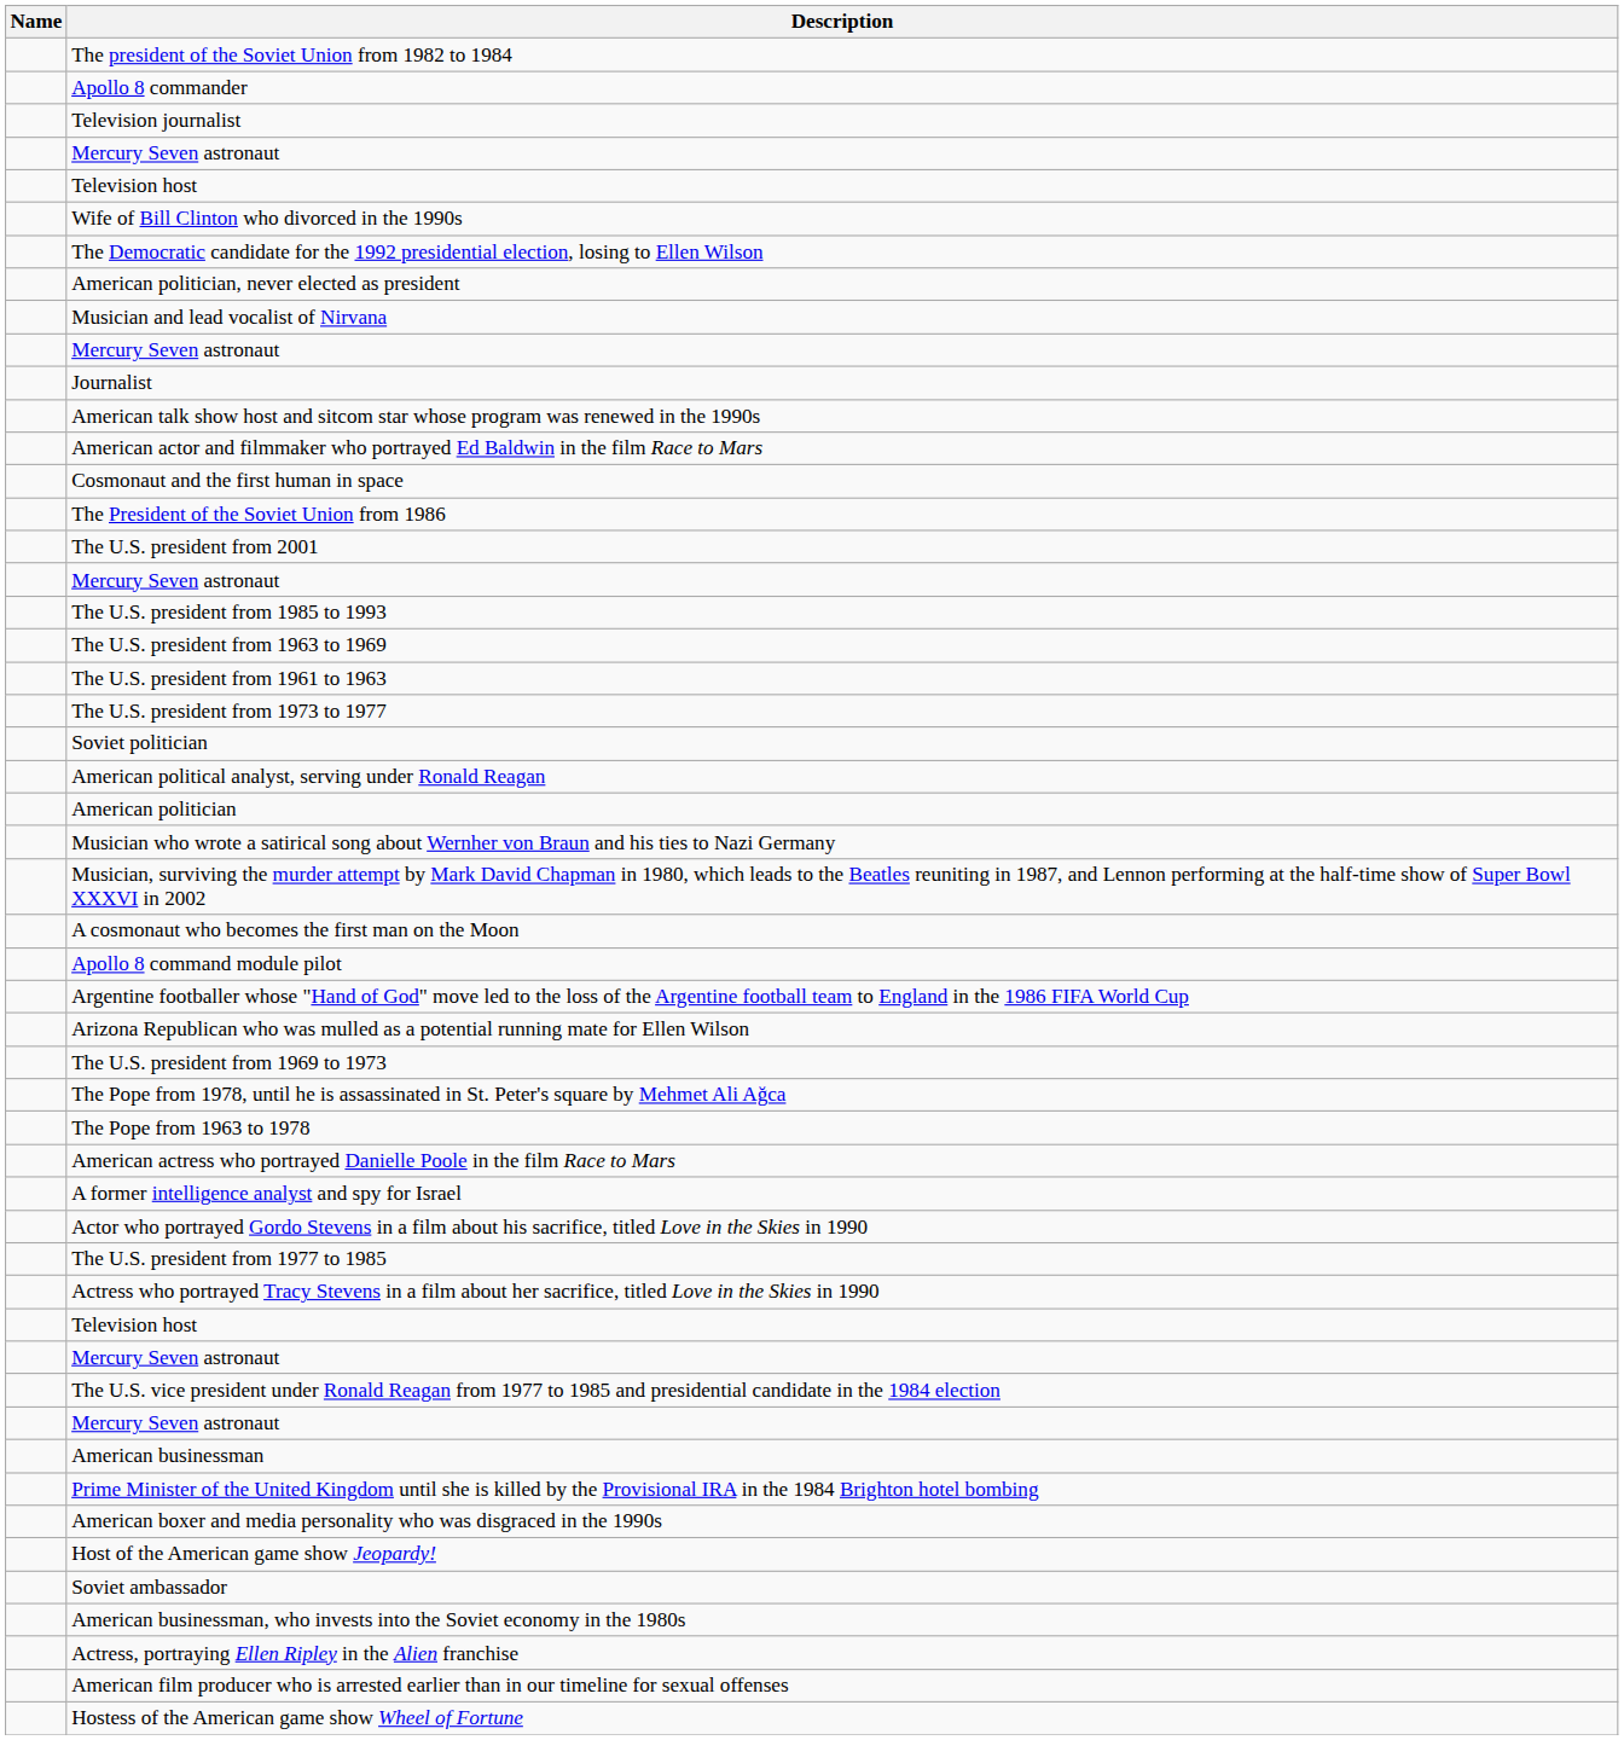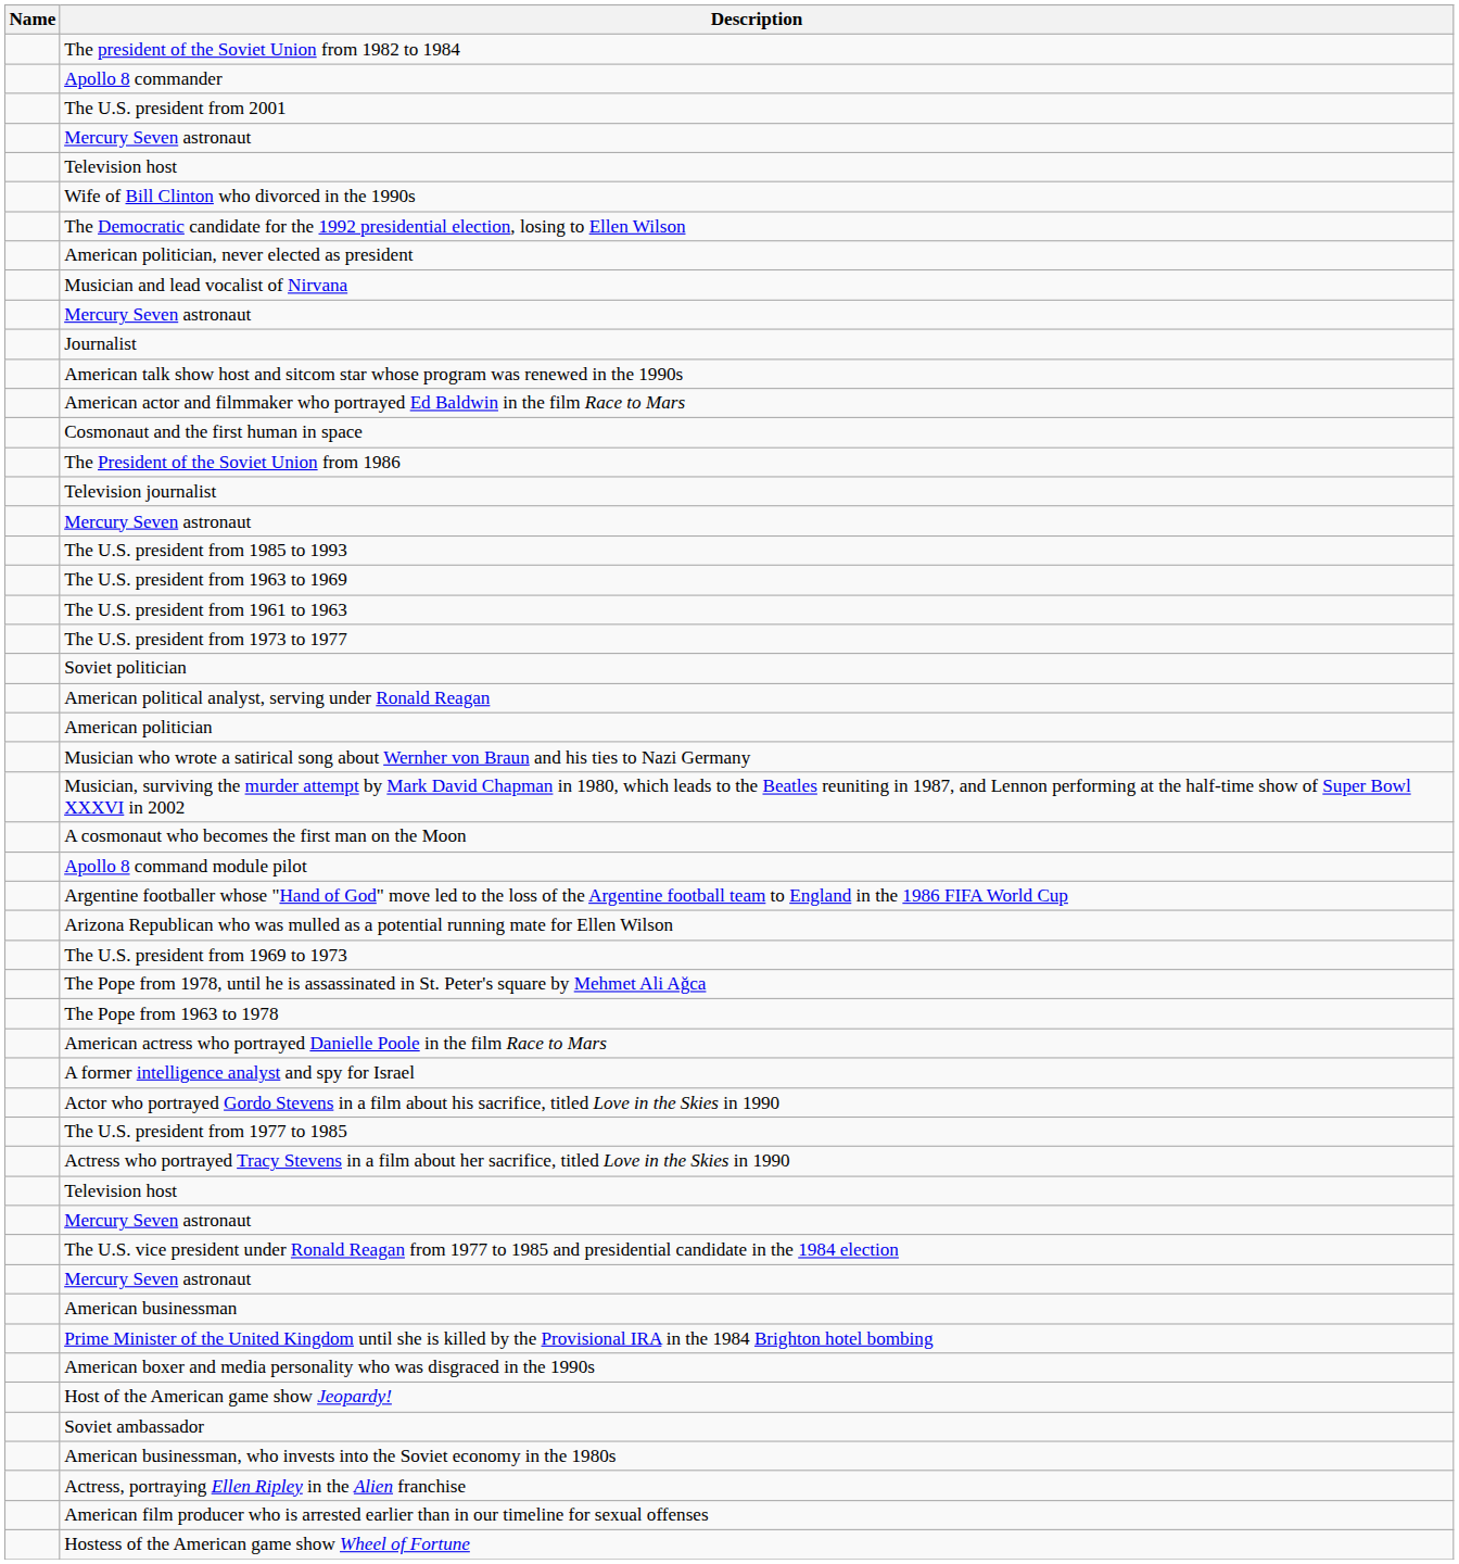 <table class="sortable wikitable collapsible">
 <tr>
 <th style="width:auto;">Name</th>
 <th style="width:auto;">Description</th>
 </tr>
 <tr>
 <td scope=row></td>
 <td>The <a href='#'>president of the Soviet Union</a> from 1982 to 1984</td>
 </tr>
 <tr>
 <td scope=row></td>
 <td><a href='#'>Apollo 8</a> commander</td>
 </tr>
 <tr>
 <td scope=row></td>
-<td>Television journalist</td>
+<td>The U.S. president from 2001</td>
 </tr>
 <tr>
 <td scope=row></td>
 <td><a href='#'>Mercury Seven</a> astronaut</td>
 </tr>
 <tr>
 <td scope=row></td>
 <td>Television host</td>
 </tr>
 <tr>
 <td scope=row></td>
 <td>Wife of <a href='#'>Bill Clinton</a> who divorced in the 1990s</td>
 </tr>
 <tr>
 <td scope=row></td>
 <td>The <a href='#'>Democratic</a> candidate for the <a href='#'>1992 presidential election</a>, losing to <a href='#'>Ellen Wilson</a></td>
 </tr>
 <tr>
 <td scope=row></td>
 <td>American politician, never elected as president</td>
 </tr>
 <tr>
 <td scope=row></td>
 <td>Musician and lead vocalist of <a href='#'>Nirvana</a></td>
 </tr>
 <tr>
 <td scope=row></td>
 <td><a href='#'>Mercury Seven</a> astronaut</td>
 </tr>
 <tr>
 <td scope=row></td>
 <td>Journalist</td>
 </tr>
 <tr>
 <td scope=row></td>
 <td>American talk show host and sitcom star whose program was renewed in the 1990s</td>
 </tr>
 <tr>
 <td scope=row></td>
 <td>American actor and filmmaker who portrayed <a href='#'>Ed Baldwin</a> in the film <em>Race to Mars</em></td>
 </tr>
 <tr>
 <td scope=row></td>
 <td>Cosmonaut and the first human in space</td>
 </tr>
 <tr>
 <td scope=row></td>
 <td>The <a href='#'>President of the Soviet Union</a> from 1986</td>
 </tr>
 <tr>
 <td scope=row></td>
-<td>The U.S. president from 2001</td>
+<td>Television journalist</td>
 </tr>
 <tr>
 <td scope=row></td>
 <td><a href='#'>Mercury Seven</a> astronaut</td>
 </tr>
 <tr>
 <td scope=row></td>
 <td>The U.S. president from 1985 to 1993</td>
 </tr>
 <tr>
 <td scope=row></td>
 <td>The U.S. president from 1963 to 1969</td>
 </tr>
 <tr>
 <td scope=row></td>
 <td>The U.S. president from 1961 to 1963</td>
 </tr>
 <tr>
 <td scope=row></td>
 <td>The U.S. president from 1973 to 1977</td>
 </tr>
 <tr>
 <td scope=row></td>
 <td>Soviet politician</td>
 </tr>
 <tr>
 <td scope=row></td>
 <td>American political analyst, serving under <a href='#'>Ronald Reagan</a></td>
 </tr>
 <tr>
 <td scope=row></td>
 <td>American politician</td>
 </tr>
 <tr>
 <td scope=row></td>
 <td>Musician who wrote a satirical song about <a href='#'>Wernher von Braun</a> and his ties to Nazi Germany</td>
 </tr>
 <tr>
 <td scope=row></td>
 <td>Musician, surviving the <a href='#'>murder attempt</a> by <a href='#'>Mark David Chapman</a> in 1980, which leads to the <a href='#'>Beatles</a> reuniting in 1987, and Lennon performing at the half-time show of <a href='#'>Super Bowl XXXVI</a> in 2002</td>
 </tr>
 <tr>
 <td scope=row></td>
 <td>A cosmonaut who becomes the first man on the Moon</td>
 </tr>
 <tr>
 <td scope=row></td>
 <td><a href='#'>Apollo 8</a> command module pilot</td>
 </tr>
 <tr>
 <td scope=row></td>
 <td>Argentine footballer whose "<a href='#'>Hand of God</a>" move led to the loss of the <a href='#'>Argentine football team</a> to <a href='#'>England</a> in the <a href='#'>1986 FIFA World Cup</a></td>
 </tr>
 <tr>
 <td scope=row></td>
 <td>Arizona Republican who was mulled as a potential running mate for Ellen Wilson</td>
 </tr>
 <tr>
 <td scope=row></td>
 <td>The U.S. president from 1969 to 1973</td>
 </tr>
 <tr>
 <td scope=row></td>
 <td>The Pope from 1978, until he is assassinated in St. Peter's square by <a href='#'>Mehmet Ali Ağca</a></td>
 </tr>
 <tr>
 <td scope=row></td>
 <td>The Pope from 1963 to 1978</td>
 </tr>
 <tr>
 <td scope=row></td>
 <td>American actress who portrayed <a href='#'>Danielle Poole</a> in the film <em>Race to Mars</em></td>
 </tr>
 <tr>
 <td scope=row></td>
 <td>A former <a href='#'>intelligence analyst</a> and spy for Israel</td>
 </tr>
 <tr>
 <td scope=row></td>
 <td>Actor who portrayed <a href='#'>Gordo Stevens</a> in a film about his sacrifice, titled <em>Love in the Skies</em> in 1990</td>
 </tr>
 <tr>
 <td scope=row></td>
 <td>The U.S. president from 1977 to 1985</td>
 </tr>
 <tr>
 <td scope=row></td>
 <td>Actress who portrayed <a href='#'>Tracy Stevens</a> in a film about her sacrifice, titled <em>Love in the Skies</em> in 1990</td>
 </tr>
 <tr>
 <td scope=row></td>
 <td>Television host</td>
 </tr>
 <tr>
 <td scope=row></td>
 <td><a href='#'>Mercury Seven</a> astronaut</td>
 </tr>
 <tr>
 <td scope=row></td>
 <td>The U.S. vice president under <a href='#'>Ronald Reagan</a> from 1977 to 1985 and presidential candidate in the <a href='#'>1984 election</a></td>
 </tr>
 <tr>
 <td scope=row></td>
 <td><a href='#'>Mercury Seven</a> astronaut</td>
 </tr>
 <tr>
 <td scope=row></td>
 <td>American businessman</td>
 </tr>
 <tr>
 <td scope=row></td>
 <td><a href='#'>Prime Minister of the United Kingdom</a> until she is killed by the <a href='#'>Provisional IRA</a> in the 1984 <a href='#'>Brighton hotel bombing</a></td>
 </tr>
 <tr>
 <td scope=row></td>
 <td>American boxer and media personality who was disgraced in the 1990s</td>
 </tr>
 <tr>
 <td scope=row></td>
 <td>Host of the American game show <em><a href='#'>Jeopardy!</a></em></td>
 </tr>
 <tr>
 <td scope=row></td>
 <td>Soviet ambassador</td>
 </tr>
 <tr>
 <td scope=row></td>
 <td>American businessman, who invests into the Soviet economy in the 1980s</td>
 </tr>
 <tr>
 <td scope=row></td>
 <td>Actress, portraying <em><a href='#'>Ellen Ripley</a></em> in the <em><a href='#'>Alien</a></em> franchise</td>
 </tr>
 <tr>
 <td scope=row></td>
 <td>American film producer who is arrested earlier than in our timeline for sexual offenses</td>
 </tr>
 <tr>
 <td scope=row></td>
 <td>Hostess of the American game show <em><a href='#'>Wheel of Fortune</a></em></td>
 </tr>
 <tr>
 </tr>
 </table>
